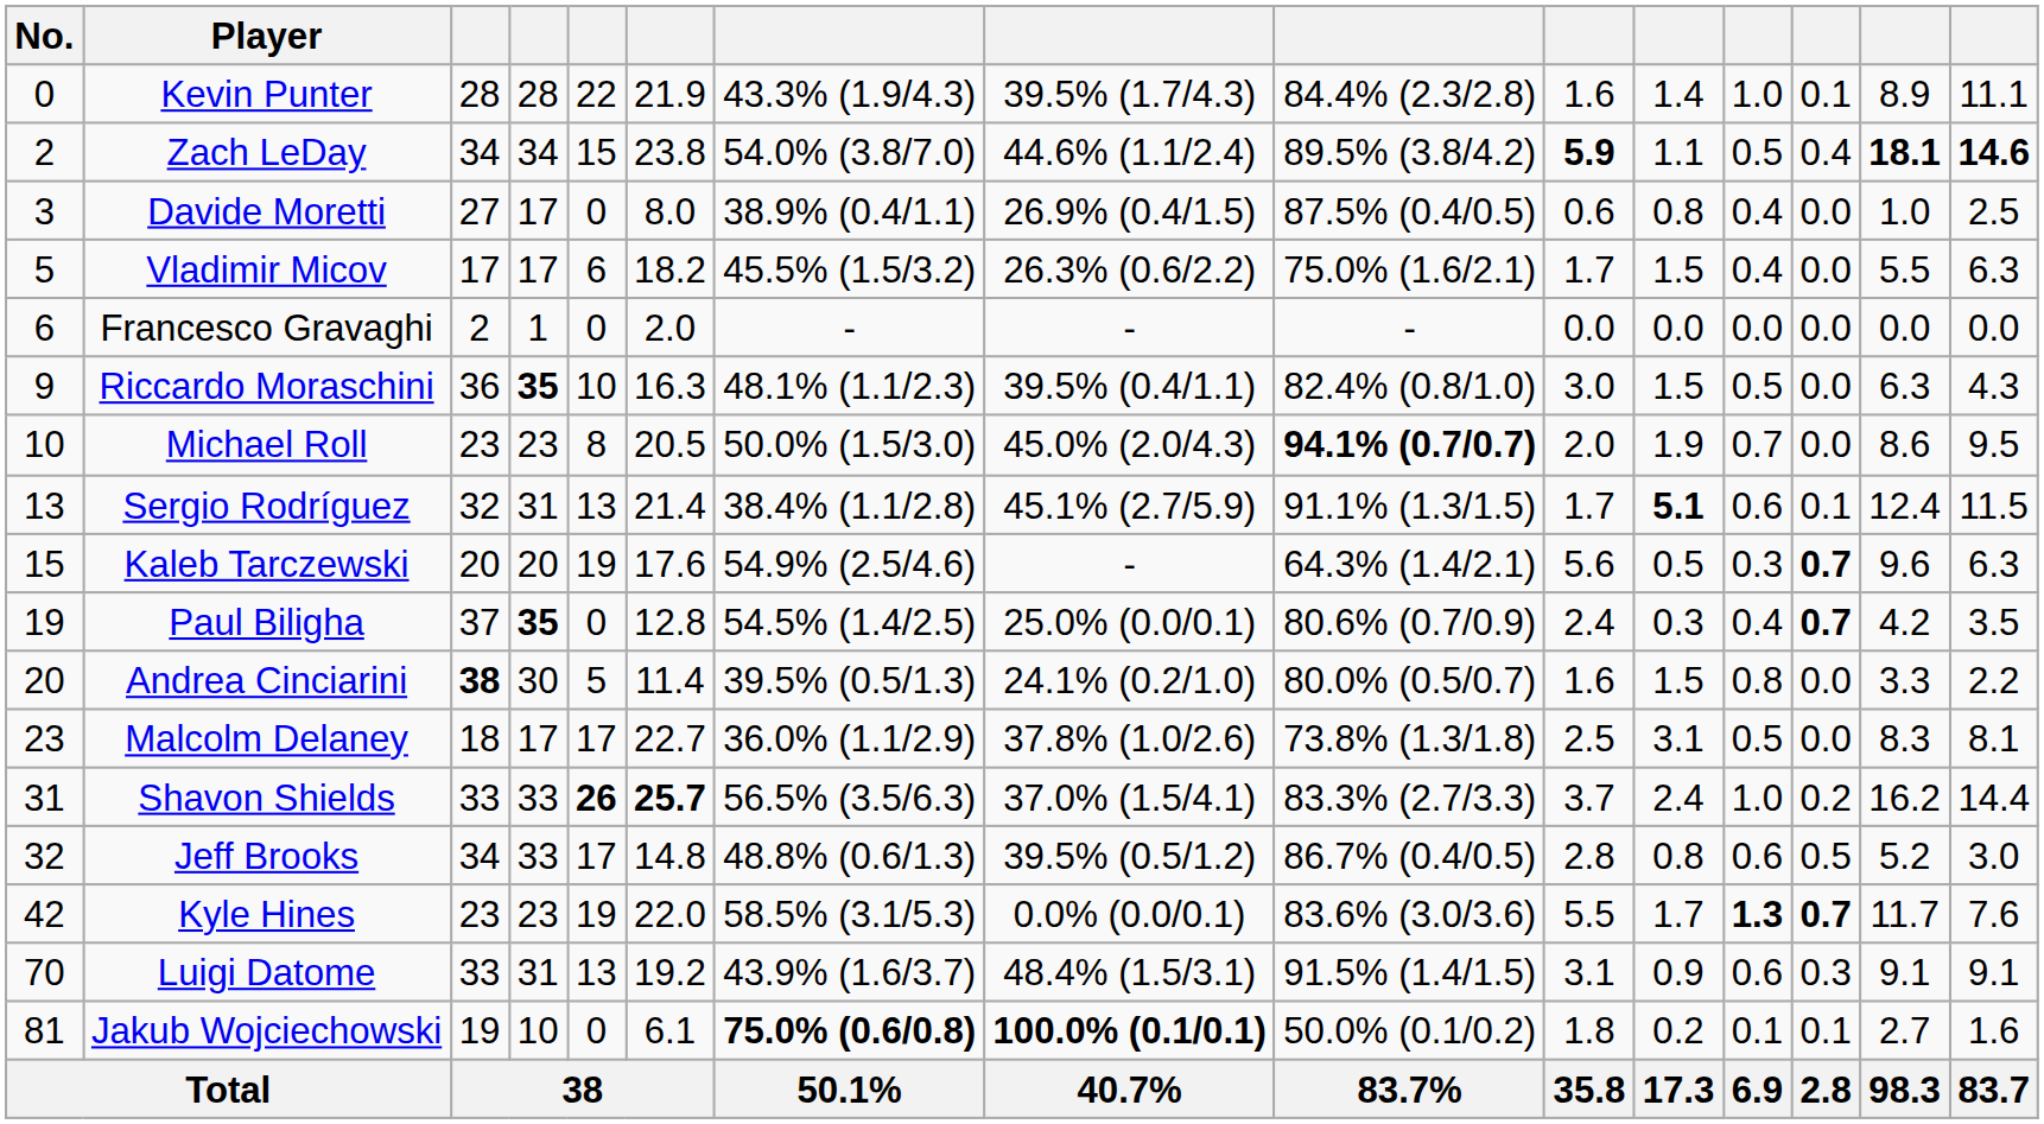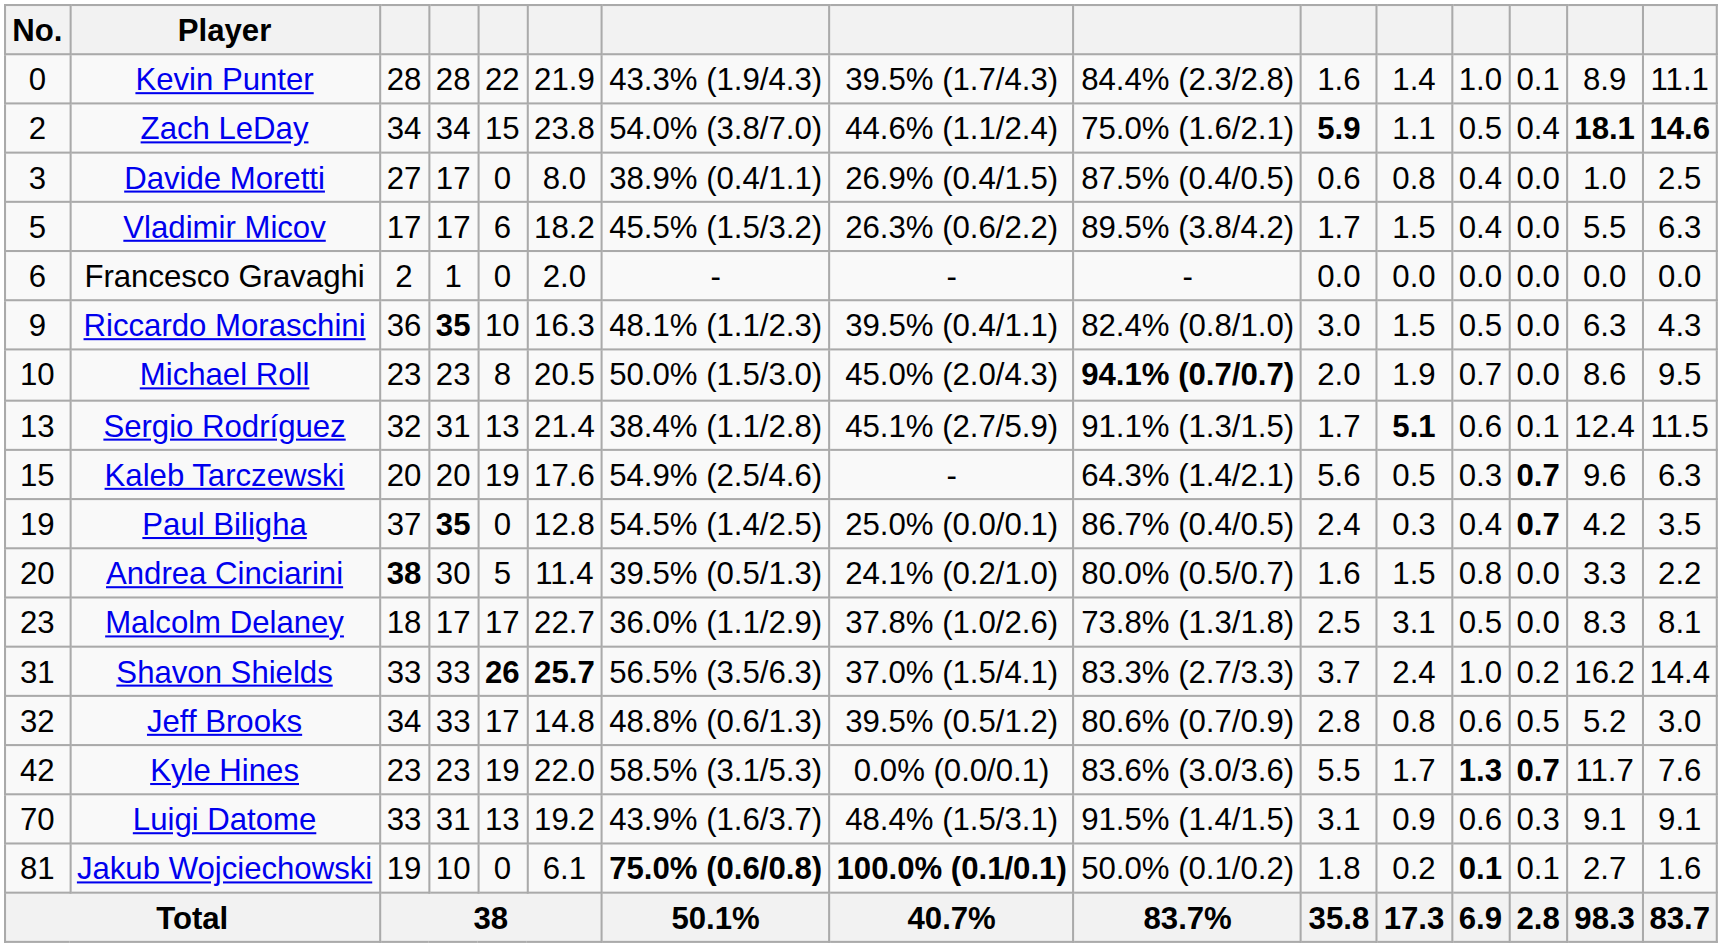 <table class="wikitable sortable" style="text-align:center; font-size:95%">
 <tr>
 <th>No.</th>
 <th>Player</th>
 <th></th>
 <th></th>
 <th></th>
 <th></th>
 <th></th>
 <th></th>
 <th></th>
 <th></th>
 <th></th>
 <th></th>
 <th></th>
 <th></th>
 <th></th>
 </tr>
 <tr>
 <td>0</td>
 <td><a href='#'>Kevin Punter</a></td>
 <td>28</td>
 <td>28</td>
 <td>22</td>
 <td>21.9</td>
 <td>43.3% (1.9/4.3)</td>
 <td>39.5% (1.7/4.3)</td>
 <td>84.4% (2.3/2.8)</td>
 <td>1.6</td>
 <td>1.4</td>
 <td>1.0</td>
 <td>0.1</td>
 <td>8.9</td>
 <td>11.1</td>
 </tr>
 <tr>
 <td>2</td>
 <td><a href='#'>Zach LeDay</a></td>
 <td>34</td>
 <td>34</td>
 <td>15</td>
 <td>23.8</td>
 <td>54.0% (3.8/7.0)</td>
 <td>44.6% (1.1/2.4)</td>
-<td>89.5% (3.8/4.2)</td>
+<td>75.0% (1.6/2.1)</td>
 <td><strong>5.9</strong></td>
 <td>1.1</td>
 <td>0.5</td>
 <td>0.4</td>
 <td><strong>18.1</strong></td>
 <td><strong>14.6</strong></td>
 </tr>
 <tr>
 <td>3</td>
 <td><a href='#'>Davide Moretti</a></td>
 <td>27</td>
 <td>17</td>
 <td>0</td>
 <td>8.0</td>
 <td>38.9% (0.4/1.1)</td>
 <td>26.9% (0.4/1.5)</td>
 <td>87.5% (0.4/0.5)</td>
 <td>0.6</td>
 <td>0.8</td>
 <td>0.4</td>
 <td>0.0</td>
 <td>1.0</td>
 <td>2.5</td>
 </tr>
 <tr>
 <td>5</td>
 <td><a href='#'>Vladimir Micov</a></td>
 <td>17</td>
 <td>17</td>
 <td>6</td>
 <td>18.2</td>
 <td>45.5% (1.5/3.2)</td>
 <td>26.3% (0.6/2.2)</td>
-<td>75.0% (1.6/2.1)</td>
+<td>89.5% (3.8/4.2)</td>
 <td>1.7</td>
 <td>1.5</td>
 <td>0.4</td>
 <td>0.0</td>
 <td>5.5</td>
 <td>6.3</td>
 </tr>
 <tr>
 <td>6</td>
 <td>Francesco Gravaghi</td>
 <td>2</td>
 <td>1</td>
 <td>0</td>
 <td>2.0</td>
 <td>-</td>
 <td>-</td>
 <td>-</td>
 <td>0.0</td>
 <td>0.0</td>
 <td>0.0</td>
 <td>0.0</td>
 <td>0.0</td>
 <td>0.0</td>
 </tr>
 <tr>
 <td>9</td>
 <td><a href='#'>Riccardo Moraschini</a></td>
 <td>36</td>
 <td><strong>35</strong></td>
 <td>10</td>
 <td>16.3</td>
 <td>48.1% (1.1/2.3)</td>
 <td>39.5% (0.4/1.1)</td>
 <td>82.4% (0.8/1.0)</td>
 <td>3.0</td>
 <td>1.5</td>
 <td>0.5</td>
 <td>0.0</td>
 <td>6.3</td>
 <td>4.3</td>
 </tr>
 <tr>
 <td>10</td>
 <td><a href='#'>Michael Roll</a></td>
 <td>23</td>
 <td>23</td>
 <td>8</td>
 <td>20.5</td>
 <td>50.0% (1.5/3.0)</td>
 <td>45.0% (2.0/4.3)</td>
 <td><strong>94.1% (0.7/0.7)</strong></td>
 <td>2.0</td>
 <td>1.9</td>
 <td>0.7</td>
 <td>0.0</td>
 <td>8.6</td>
 <td>9.5</td>
 </tr>
 <tr>
 <td>13</td>
 <td><a href='#'>Sergio Rodríguez</a></td>
 <td>32</td>
 <td>31</td>
 <td>13</td>
 <td>21.4</td>
 <td>38.4% (1.1/2.8)</td>
 <td>45.1% (2.7/5.9)</td>
 <td>91.1% (1.3/1.5)</td>
 <td>1.7</td>
 <td><strong>5.1</strong></td>
 <td>0.6</td>
 <td>0.1</td>
 <td>12.4</td>
 <td>11.5</td>
 </tr>
 <tr>
 <td>15</td>
 <td><a href='#'>Kaleb Tarczewski</a></td>
 <td>20</td>
 <td>20</td>
 <td>19</td>
 <td>17.6</td>
 <td>54.9% (2.5/4.6)</td>
 <td>-</td>
 <td>64.3% (1.4/2.1)</td>
 <td>5.6</td>
 <td>0.5</td>
 <td>0.3</td>
 <td><strong>0.7</strong></td>
 <td>9.6</td>
 <td>6.3</td>
 </tr>
 <tr>
 <td>19</td>
 <td><a href='#'>Paul Biligha</a></td>
 <td>37</td>
 <td><strong>35</strong></td>
 <td>0</td>
 <td>12.8</td>
 <td>54.5% (1.4/2.5)</td>
 <td>25.0% (0.0/0.1)</td>
-<td>80.6% (0.7/0.9)</td>
+<td>86.7% (0.4/0.5)</td>
 <td>2.4</td>
 <td>0.3</td>
 <td>0.4</td>
 <td><strong>0.7</strong></td>
 <td>4.2</td>
 <td>3.5</td>
 </tr>
 <tr>
 <td>20</td>
 <td><a href='#'>Andrea Cinciarini</a></td>
 <td><strong>38</strong></td>
 <td>30</td>
 <td>5</td>
 <td>11.4</td>
 <td>39.5% (0.5/1.3)</td>
 <td>24.1% (0.2/1.0)</td>
 <td>80.0% (0.5/0.7)</td>
 <td>1.6</td>
 <td>1.5</td>
 <td>0.8</td>
 <td>0.0</td>
 <td>3.3</td>
 <td>2.2</td>
 </tr>
 <tr>
 <td>23</td>
 <td><a href='#'>Malcolm Delaney</a></td>
 <td>18</td>
 <td>17</td>
 <td>17</td>
 <td>22.7</td>
 <td>36.0% (1.1/2.9)</td>
 <td>37.8% (1.0/2.6)</td>
 <td>73.8% (1.3/1.8)</td>
 <td>2.5</td>
 <td>3.1</td>
 <td>0.5</td>
 <td>0.0</td>
 <td>8.3</td>
 <td>8.1</td>
 </tr>
 <tr>
 <td>31</td>
 <td><a href='#'>Shavon Shields</a></td>
 <td>33</td>
 <td>33</td>
 <td><strong>26</strong></td>
 <td><strong>25.7</strong></td>
 <td>56.5% (3.5/6.3)</td>
 <td>37.0% (1.5/4.1)</td>
 <td>83.3% (2.7/3.3)</td>
 <td>3.7</td>
 <td>2.4</td>
 <td>1.0</td>
 <td>0.2</td>
 <td>16.2</td>
 <td>14.4</td>
 </tr>
 <tr>
 <td>32</td>
 <td><a href='#'>Jeff Brooks</a></td>
 <td>34</td>
 <td>33</td>
 <td>17</td>
 <td>14.8</td>
 <td>48.8% (0.6/1.3)</td>
 <td>39.5% (0.5/1.2)</td>
-<td>86.7% (0.4/0.5)</td>
+<td>80.6% (0.7/0.9)</td>
 <td>2.8</td>
 <td>0.8</td>
 <td>0.6</td>
 <td>0.5</td>
 <td>5.2</td>
 <td>3.0</td>
 </tr>
 <tr>
 <td>42</td>
 <td><a href='#'>Kyle Hines</a></td>
 <td>23</td>
 <td>23</td>
 <td>19</td>
 <td>22.0</td>
 <td>58.5% (3.1/5.3)</td>
 <td>0.0% (0.0/0.1)</td>
 <td>83.6% (3.0/3.6)</td>
 <td>5.5</td>
 <td>1.7</td>
 <td><strong>1.3</strong></td>
 <td><strong>0.7</strong></td>
 <td>11.7</td>
 <td>7.6</td>
 </tr>
 <tr>
 <td>70</td>
 <td><a href='#'>Luigi Datome</a></td>
 <td>33</td>
 <td>31</td>
 <td>13</td>
 <td>19.2</td>
 <td>43.9% (1.6/3.7)</td>
 <td>48.4% (1.5/3.1)</td>
 <td>91.5% (1.4/1.5)</td>
 <td>3.1</td>
 <td>0.9</td>
 <td>0.6</td>
 <td>0.3</td>
 <td>9.1</td>
 <td>9.1</td>
 </tr>
 <tr>
 <td>81</td>
 <td><a href='#'>Jakub Wojciechowski</a></td>
 <td>19</td>
 <td>10</td>
 <td>0</td>
 <td>6.1</td>
 <td><strong>75.0% (0.6/0.8)</strong></td>
 <td><strong>100.0% (0.1/0.1)</strong></td>
 <td>50.0% (0.1/0.2)</td>
 <td>1.8</td>
 <td>0.2</td>
-<td>0.1</td>
+<td><strong>0.1</strong></td>
 <td>0.1</td>
 <td>2.7</td>
 <td>1.6</td>
 </tr>
 <tr class="sortbottom">
 <th colspan=2>Total</th>
 <th colspan=4>38</th>
 <th>50.1%</th>
 <th>40.7%</th>
 <th>83.7%</th>
 <th>35.8</th>
 <th>17.3</th>
 <th>6.9</th>
 <th>2.8</th>
 <th>98.3</th>
 <th>83.7</th>
 </tr>
 </table>
